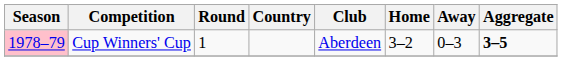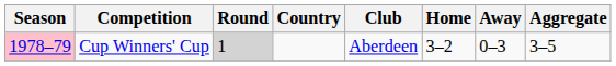 <table class="wikitable">
 <tr>
 <th>Season</th>
 <th>Competition</th>
 <th>Round</th>
 <th>Country</th>
 <th>Club</th>
 <th>Home</th>
 <th>Away</th>
 <th>Aggregate</th>
 </tr>
 <tr>
 <td style="background: pink;"><a href='#'>1978–79</a></td>
 <td><a href='#'>Cup Winners' Cup</a></td>
-<td>1</td>
+<td style="background: lightgrey;">1</td>
 <td></td>
 <td><a href='#'>Aberdeen</a></td>
 <td>3–2</td>
 <td>0–3</td>
-<td><strong>3–5</strong></td>
+<td>3–5</td>
 </tr>
 <tr>
 </tr>
 </table>
